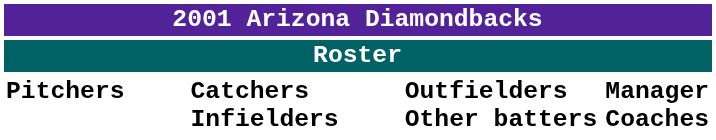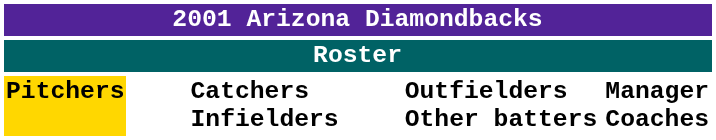 <table class="toccolours" style="font-size: 95%;">
 <tr>
 <th colspan="10" style="background-color: #522398; color: #FFFFFF; text-align: center;">2001 Arizona Diamondbacks</th>
 </tr>
 <tr>
 <td colspan="10" style="background-color: #006265; color: #FFFFFF; text-align: center;"><strong>Roster</strong></td>
 </tr>
 <tr>
-<td valign="top"><strong>Pitchers</strong><br>                    </td>
+<td valign="top" style="background: gold;"><strong>Pitchers</strong><br>                    </td>
 <td width="25px"></td>
 <td valign="top"><strong>Catchers</strong><br>     <strong>Infielders</strong>          </td>
 <td width="25px"></td>
 <td valign="top"><strong>Outfielders</strong><br>         <strong>Other batters</strong>  </td>
 <td valign="top"><strong>Manager</strong><br> <strong>Coaches</strong>      </td>
 </tr>
 <tr>
 </tr>
 </table>
